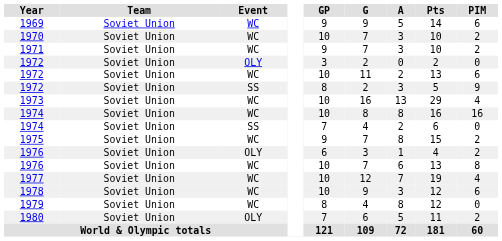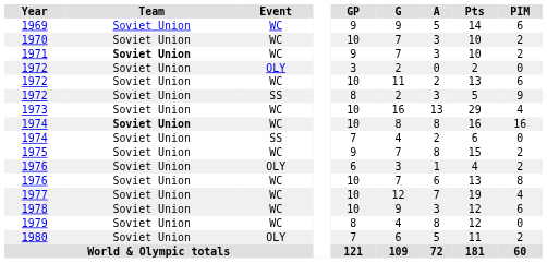 <table border="0" cellpadding="1" cellspacing="0" style="text-align:center; width:50em">
 <tr ALIGN="center" bgcolor="#e0e0e0">
 <th>Year</th>
 <th>Team</th>
 <th>Event</th>
 <th rowspan="99" bgcolor="#ffffff"> </th>
 <th>GP</th>
 <th>G</th>
 <th>A</th>
 <th>Pts</th>
 <th>PIM</th>
 </tr>
 <tr>
 <td><a href='#'>1969</a></td>
 <td><a href='#'>Soviet Union</a></td>
 <td><a href='#'>WC</a></td>
 <td>9</td>
 <td>9</td>
 <td>5</td>
 <td>14</td>
 <td>6</td>
 </tr>
 <tr bgcolor="#f0f0f0">
 <td><a href='#'>1970</a></td>
 <td>Soviet Union</td>
 <td>WC</td>
 <td>10</td>
 <td>7</td>
 <td>3</td>
 <td>10</td>
 <td>2</td>
 </tr>
 <tr>
 <td><a href='#'>1971</a></td>
-<td>Soviet Union</td>
+<td><strong>Soviet Union</strong></td>
 <td>WC</td>
 <td>9</td>
 <td>7</td>
 <td>3</td>
 <td>10</td>
 <td>2</td>
 </tr>
 <tr bgcolor="#f0f0f0">
 <td><a href='#'>1972</a></td>
 <td>Soviet Union</td>
 <td><a href='#'>OLY</a></td>
 <td>3</td>
 <td>2</td>
 <td>0</td>
 <td>2</td>
 <td>0</td>
 </tr>
 <tr>
 <td><a href='#'>1972</a></td>
 <td>Soviet Union</td>
 <td>WC</td>
 <td>10</td>
 <td>11</td>
 <td>2</td>
 <td>13</td>
 <td>6</td>
 </tr>
 <tr bgcolor="#f0f0f0">
 <td><a href='#'>1972</a></td>
 <td>Soviet Union</td>
 <td>SS</td>
 <td>8</td>
 <td>2</td>
 <td>3</td>
 <td>5</td>
 <td>9</td>
 </tr>
 <tr>
 <td><a href='#'>1973</a></td>
 <td>Soviet Union</td>
 <td>WC</td>
 <td>10</td>
 <td>16</td>
 <td>13</td>
 <td>29</td>
 <td>4</td>
 </tr>
 <tr bgcolor="#f0f0f0">
 <td><a href='#'>1974</a></td>
-<td>Soviet Union</td>
+<td><strong>Soviet Union</strong></td>
 <td>WC</td>
 <td>10</td>
 <td>8</td>
 <td>8</td>
 <td>16</td>
 <td>16</td>
 </tr>
 <tr>
 <td><a href='#'>1974</a></td>
 <td>Soviet Union</td>
 <td>SS</td>
 <td>7</td>
 <td>4</td>
 <td>2</td>
 <td>6</td>
 <td>0</td>
 </tr>
 <tr>
 <td><a href='#'>1975</a></td>
 <td>Soviet Union</td>
 <td>WC</td>
 <td>9</td>
 <td>7</td>
 <td>8</td>
 <td>15</td>
 <td>2</td>
 </tr>
 <tr bgcolor="#f0f0f0">
 <td><a href='#'>1976</a></td>
 <td>Soviet Union</td>
 <td>OLY</td>
 <td>6</td>
 <td>3</td>
 <td>1</td>
 <td>4</td>
 <td>2</td>
 </tr>
 <tr>
 <td><a href='#'>1976</a></td>
 <td>Soviet Union</td>
 <td>WC</td>
 <td>10</td>
 <td>7</td>
 <td>6</td>
 <td>13</td>
 <td>8</td>
 </tr>
 <tr bgcolor="#f0f0f0">
 <td><a href='#'>1977</a></td>
 <td>Soviet Union</td>
 <td>WC</td>
 <td>10</td>
 <td>12</td>
 <td>7</td>
 <td>19</td>
 <td>4</td>
 </tr>
 <tr bgcolor="#f0f0f0">
 <td><a href='#'>1978</a></td>
 <td>Soviet Union</td>
 <td>WC</td>
 <td>10</td>
 <td>9</td>
 <td>3</td>
 <td>12</td>
 <td>6</td>
 </tr>
 <tr>
 <td><a href='#'>1979</a></td>
 <td>Soviet Union</td>
 <td>WC</td>
 <td>8</td>
 <td>4</td>
 <td>8</td>
 <td>12</td>
 <td>0</td>
 </tr>
 <tr bgcolor="#f0f0f0">
 <td><a href='#'>1980</a></td>
 <td>Soviet Union</td>
 <td>OLY</td>
 <td>7</td>
 <td>6</td>
 <td>5</td>
 <td>11</td>
 <td>2</td>
 </tr>
 <tr bgcolor="#e0e0e0">
 <th colspan=3>World & Olympic totals</th>
 <th>121</th>
 <th>109</th>
 <th>72</th>
 <th>181</th>
 <th>60</th>
 </tr>
 </table>
